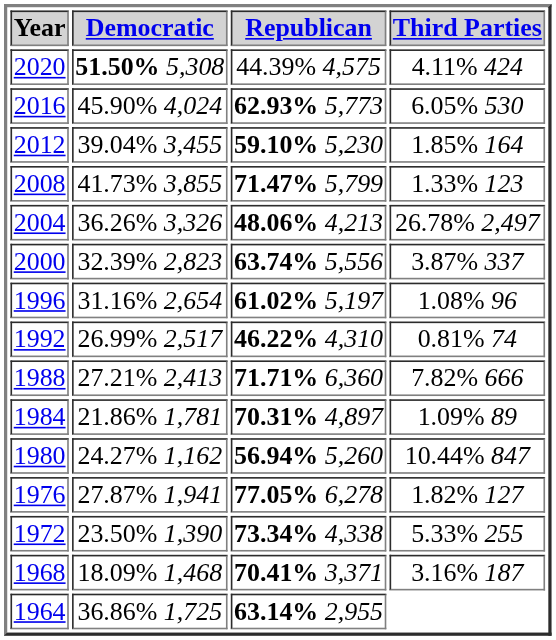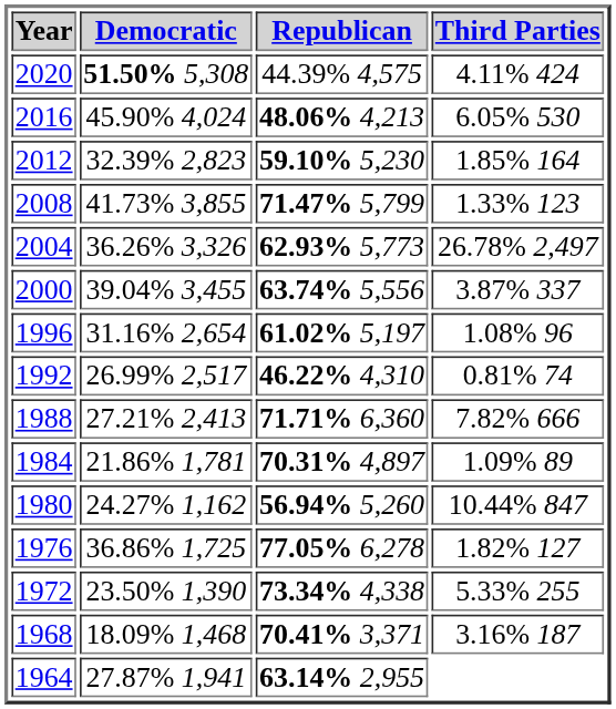 <table border="2”">
 <tr style="background:lightgrey;">
 <th>Year</th>
 <th><a href='#'>Democratic</a></th>
 <th><a href='#'>Republican</a></th>
 <th><a href='#'>Third Parties</a></th>
 </tr>
 <tr>
 <td align="center" ><a href='#'>2020</a></td>
 <td align="center" ><strong>51.50%</strong> <em>5,308</em></td>
 <td align="center" >44.39% <em>4,575</em></td>
 <td align="center" >4.11% <em>424</em></td>
 </tr>
 <tr>
 <td align="center" ><a href='#'>2016</a></td>
 <td align="center" >45.90% <em>4,024</em></td>
-<td align="center" ><strong>62.93%</strong> <em>5,773</em></td>
+<td align="center" ><strong>48.06%</strong> <em>4,213</em></td>
 <td align="center" >6.05% <em>530</em></td>
 </tr>
 <tr>
 <td align="center" ><a href='#'>2012</a></td>
-<td align="center" >39.04% <em>3,455</em></td>
+<td align="center" >32.39% <em>2,823</em></td>
 <td align="center" ><strong>59.10%</strong> <em>5,230</em></td>
 <td align="center" >1.85% <em>164</em></td>
 </tr>
 <tr>
 <td align="center" ><a href='#'>2008</a></td>
 <td align="center" >41.73% <em>3,855</em></td>
 <td align="center" ><strong>71.47%</strong> <em>5,799</em></td>
 <td align="center" >1.33% <em>123</em></td>
 </tr>
 <tr>
 <td align="center" ><a href='#'>2004</a></td>
 <td align="center" >36.26% <em>3,326</em></td>
-<td align="center" ><strong>48.06%</strong> <em>4,213</em></td>
+<td align="center" ><strong>62.93%</strong> <em>5,773</em></td>
 <td align="center" >26.78% <em>2,497</em></td>
 </tr>
 <tr>
 <td align="center" ><a href='#'>2000</a></td>
-<td align="center" >32.39% <em>2,823</em></td>
+<td align="center" >39.04% <em>3,455</em></td>
 <td align="center" ><strong>63.74%</strong> <em>5,556</em></td>
 <td align="center" >3.87% <em>337</em></td>
 </tr>
 <tr>
 <td align="center" ><a href='#'>1996</a></td>
 <td align="center" >31.16% <em>2,654</em></td>
 <td align="center" ><strong>61.02%</strong> <em>5,197</em></td>
 <td align="center" >1.08% <em>96</em></td>
 </tr>
 <tr>
 <td align="center" ><a href='#'>1992</a></td>
 <td align="center" >26.99% <em>2,517</em></td>
 <td align="center" ><strong>46.22%</strong> <em>4,310</em></td>
 <td align="center" >0.81% <em>74</em></td>
 </tr>
 <tr>
 <td align="center" ><a href='#'>1988</a></td>
 <td align="center" >27.21% <em>2,413</em></td>
 <td align="center" ><strong>71.71%</strong> <em>6,360</em></td>
 <td align="center" >7.82% <em>666</em></td>
 </tr>
 <tr>
 <td align="center" ><a href='#'>1984</a></td>
 <td align="center" >21.86% <em>1,781</em></td>
 <td align="center" ><strong>70.31%</strong> <em>4,897</em></td>
 <td align="center" >1.09% <em>89</em></td>
 </tr>
 <tr>
 <td align="center" ><a href='#'>1980</a></td>
 <td align="center" >24.27% <em>1,162</em></td>
 <td align="center" ><strong>56.94%</strong> <em>5,260</em></td>
 <td align="center" >10.44% <em>847</em></td>
 </tr>
 <tr>
 <td align="center" ><a href='#'>1976</a></td>
-<td align="center" >27.87% <em>1,941</em></td>
+<td align="center" >36.86% <em>1,725</em></td>
 <td align="center" ><strong>77.05%</strong> <em>6,278</em></td>
 <td align="center" >1.82% <em>127</em></td>
 </tr>
 <tr>
 <td align="center" ><a href='#'>1972</a></td>
 <td align="center" >23.50% <em>1,390</em></td>
 <td align="center" ><strong>73.34%</strong> <em>4,338</em></td>
 <td align="center" >5.33% <em>255</em></td>
 </tr>
 <tr>
 <td align="center" ><a href='#'>1968</a></td>
 <td align="center" >18.09% <em>1,468</em></td>
 <td align="center" ><strong>70.41%</strong> <em>3,371</em></td>
 <td align="center" >3.16% <em>187</em></td>
 </tr>
 <tr>
 <td align="center" ><a href='#'>1964</a></td>
-<td align="center" >36.86% <em>1,725</em></td>
+<td align="center" >27.87% <em>1,941</em></td>
 <td align="center" ><strong>63.14%</strong> <em>2,955</em></td>
 </tr>
 </table>
